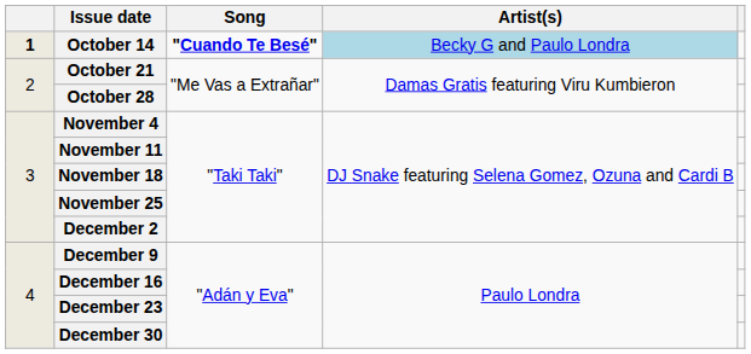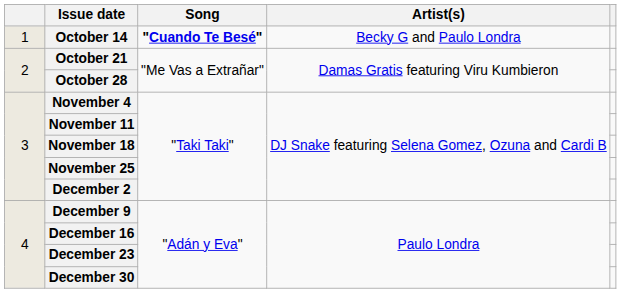 <table class="wikitable plainrowheaders" style="text-align: center">
 <tr>
 <th width=40></th>
 <th>Issue date</th>
 <th>Song</th>
 <th>Artist(s)</th>
 <th></th>
 </tr>
 <tr>
-<td bgcolor="#EDEAE0" align="center" rowspan="1"><strong>1</strong></td>
+<td bgcolor="#EDEAE0" align="center" rowspan="1">1</td>
 <th scope="row">October 14</th>
 <td><strong>"<a href='#'>Cuando Te Besé</a>"</strong></td>
-<td style="background: lightblue;"><a href='#'>Becky G</a> and <a href='#'>Paulo Londra</a></td>
+<td><a href='#'>Becky G</a> and <a href='#'>Paulo Londra</a></td>
 <td></td>
 </tr>
 <tr>
 <td bgcolor="#EDEAE0" align="center" rowspan="2">2</td>
 <th scope="row">October 21</th>
 <td rowspan="2">"Me Vas a Extrañar"</td>
 <td rowspan="2"><a href='#'>Damas Gratis</a> featuring Viru Kumbieron</td>
 <td></td>
 </tr>
 <tr>
 <th scope="row">October 28</th>
 <td></td>
 </tr>
 <tr>
 <td bgcolor="#EDEAE0" align="center" rowspan="5">3</td>
 <th scope="row">November 4</th>
 <td rowspan="5">"<a href='#'>Taki Taki</a>"</td>
 <td rowspan="5"><a href='#'>DJ Snake</a> featuring <a href='#'>Selena Gomez</a>, <a href='#'>Ozuna</a> and <a href='#'>Cardi B</a></td>
 <td></td>
 </tr>
 <tr>
 <th scope="row">November 11</th>
 <td></td>
 </tr>
 <tr>
 <th scope="row">November 18</th>
 <td></td>
 </tr>
 <tr>
 <th scope="row">November 25</th>
 <td></td>
 </tr>
 <tr>
 <th scope="row">December 2</th>
 <td></td>
 </tr>
 <tr>
 <td bgcolor="#EDEAE0" align="center" rowspan="4">4</td>
 <th scope="row">December 9</th>
 <td rowspan="4">"<a href='#'>Adán y Eva</a>"</td>
 <td rowspan="4"><a href='#'>Paulo Londra</a></td>
 <td></td>
 </tr>
 <tr>
 <th scope="row">December 16</th>
 <td></td>
 </tr>
 <tr>
 <th scope="row">December 23</th>
 <td></td>
 </tr>
 <tr>
 <th scope="row">December 30</th>
 <td></td>
 </tr>
 </table>
